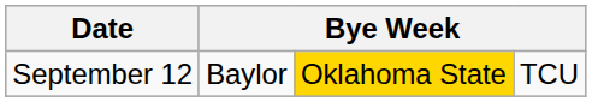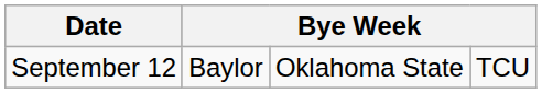 <table class="wikitable" style="font-size:95%">
 <tr>
 <th>Date</th>
 <th colspan="3">Bye Week</th>
 </tr>
 <tr>
 <td>September 12</td>
 <td>Baylor</td>
-<td style="background: gold;">Oklahoma State</td>
+<td>Oklahoma State</td>
 <td>TCU</td>
 </tr>
 </table>
